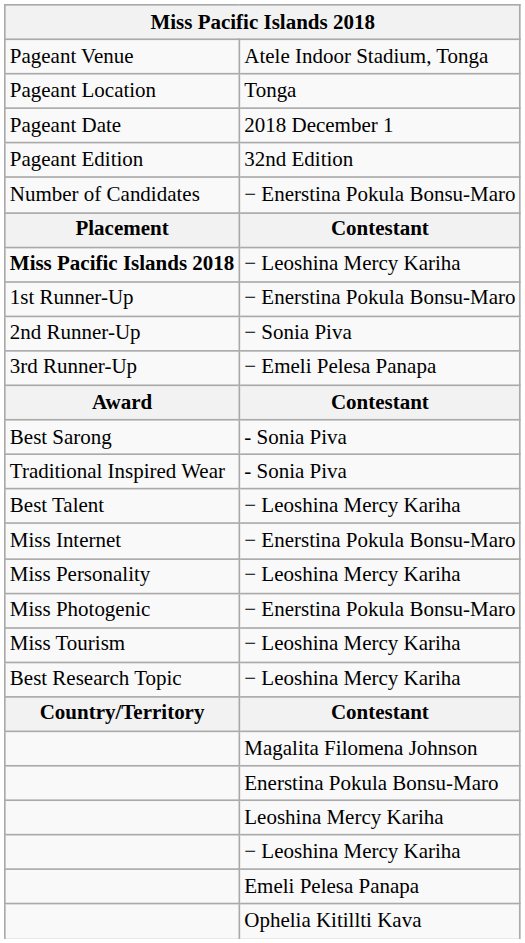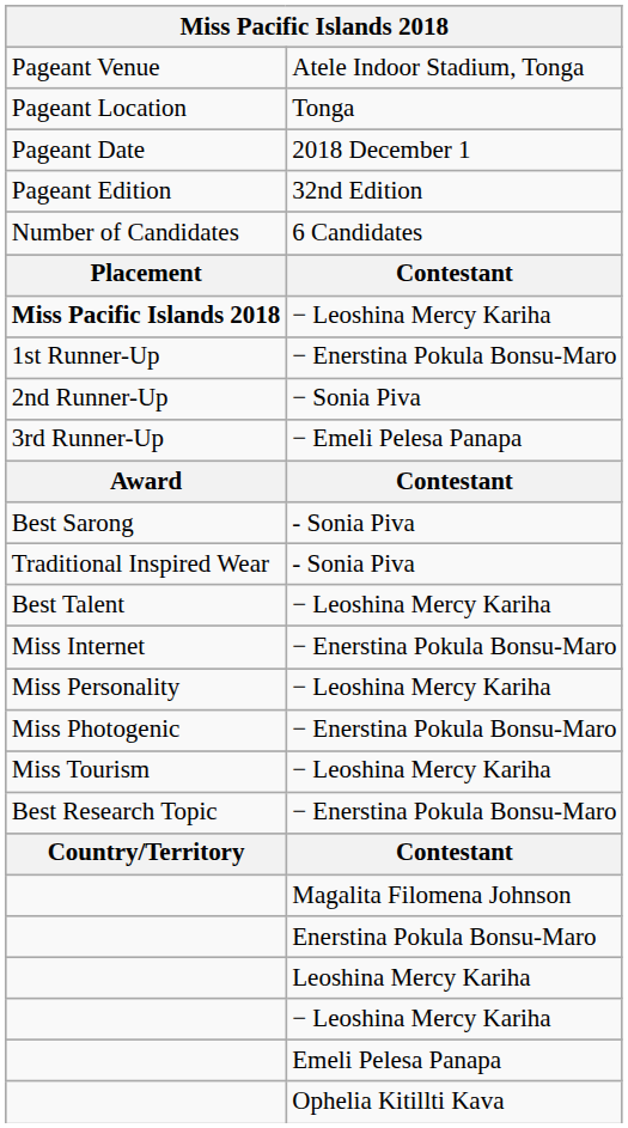 <table class="wikitable sortable" style="font-size: 80%;">
 <tr>
 <th colspan="2"><strong>Miss Pacific Islands 2018</strong></th>
 </tr>
 <tr>
 <td>Pageant Venue</td>
 <td>Atele Indoor Stadium, Tonga</td>
 </tr>
 <tr>
 <td>Pageant Location</td>
 <td>Tonga</td>
 </tr>
 <tr>
 <td>Pageant Date</td>
 <td>2018 December 1</td>
 </tr>
 <tr>
 <td>Pageant Edition</td>
 <td>32nd Edition</td>
 </tr>
 <tr>
 <td>Number of Candidates</td>
-<td> − Enerstina Pokula Bonsu-Maro</td>
+<td>6 Candidates</td>
 </tr>
 <tr>
 <th>Placement</th>
 <th>Contestant</th>
 </tr>
 <tr>
 <td><strong>Miss Pacific Islands 2018</strong></td>
 <td> − Leoshina Mercy Kariha</td>
 </tr>
 <tr>
 <td>1st Runner-Up</td>
 <td> − Enerstina Pokula Bonsu-Maro</td>
 </tr>
 <tr>
 <td>2nd Runner-Up</td>
 <td> − Sonia Piva</td>
 </tr>
 <tr>
 <td>3rd Runner-Up</td>
 <td> − Emeli Pelesa Panapa</td>
 </tr>
 <tr>
 <th>Award</th>
 <th>Contestant</th>
 </tr>
 <tr>
 <td>Best Sarong</td>
 <td> - Sonia Piva</td>
 </tr>
 <tr>
 <td>Traditional Inspired Wear</td>
 <td> - Sonia Piva</td>
 </tr>
 <tr>
 <td>Best Talent</td>
 <td> − Leoshina Mercy Kariha</td>
 </tr>
 <tr>
 <td>Miss Internet</td>
 <td> − Enerstina Pokula Bonsu-Maro</td>
 </tr>
 <tr>
 <td>Miss Personality</td>
 <td> − Leoshina Mercy Kariha</td>
 </tr>
 <tr>
 <td>Miss Photogenic</td>
 <td> − Enerstina Pokula Bonsu-Maro</td>
 </tr>
 <tr>
 <td>Miss Tourism</td>
 <td> − Leoshina Mercy Kariha</td>
 </tr>
 <tr>
 <td>Best Research Topic</td>
-<td> − Leoshina Mercy Kariha</td>
+<td> − Enerstina Pokula Bonsu-Maro</td>
 </tr>
 <tr>
 <th><strong>Country/Territory</strong></th>
 <th>Contestant</th>
 </tr>
 <tr>
 <td></td>
 <td>Magalita Filomena Johnson</td>
 </tr>
 <tr>
 <td></td>
 <td>Enerstina Pokula Bonsu-Maro</td>
 </tr>
 <tr>
 <td></td>
 <td>Leoshina Mercy Kariha</td>
 </tr>
 <tr>
 <td></td>
 <td> − Leoshina Mercy Kariha</td>
 </tr>
 <tr>
 <td></td>
 <td>Emeli Pelesa Panapa</td>
 </tr>
 <tr>
 <td></td>
 <td>Ophelia Kitillti Kava</td>
 </tr>
 </table>
